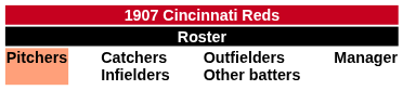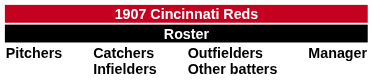 <table class="toccolours" style="font-size: 95%;">
 <tr>
 <th colspan="10" style="background-color: #c6011f; color: white; text-align: center;">1907 Cincinnati Reds</th>
 </tr>
 <tr>
 <td colspan="10" style="background-color: black; color: white; text-align: center;"><strong>Roster</strong></td>
 </tr>
 <tr>
-<td valign="top" style="background: lightsalmon;"><strong>Pitchers</strong><br>           </td>
+<td valign="top"><strong>Pitchers</strong><br>           </td>
 <td width="25px"></td>
 <td valign="top"><strong>Catchers</strong><br>    <strong>Infielders</strong>    </td>
 <td width="25px"></td>
 <td valign="top"><strong>Outfielders</strong><br>         <strong>Other batters</strong> </td>
 <td width="25px"></td>
 <td valign="top"><strong>Manager</strong><br></td>
 </tr>
 </table>
